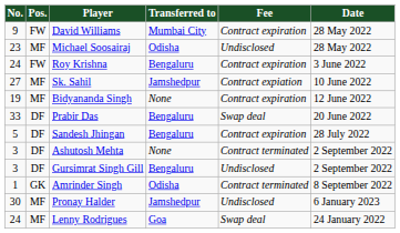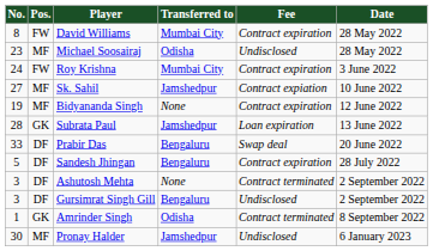 <table class="wikitable plainrowheaders sortable">
 <tr>
 <th style="background:#1A5026; color:#FFFFFF; ">No.</th>
 <th style="background:#1A5026; color:#FFFFFF; ">Pos.</th>
 <th style="background:#1A5026; color:#FFFFFF; ">Player</th>
 <th style="background:#1A5026; color:#FFFFFF; ">Transferred to</th>
 <th style="background:#1A5026; color:#FFFFFF; ">Fee</th>
 <th style="background:#1A5026; color:#FFFFFF; ">Date</th>
 </tr>
 <tr>
-<td align=center>9</td>
+<td align=center>8</td>
 <td align=center>FW</td>
 <td> <a href='#'>David Williams</a></td>
 <td><a href='#'>Mumbai City</a></td>
 <td><em>Contract expiration</em></td>
 <td>28 May 2022</td>
 </tr>
 <tr>
 <td align=center>23</td>
 <td align=center>MF</td>
 <td> <a href='#'>Michael Soosairaj</a></td>
 <td><a href='#'>Odisha</a></td>
 <td><em>Undisclosed</em></td>
 <td>28 May 2022</td>
 </tr>
 <tr>
 <td align=center>24</td>
 <td align=center>FW</td>
 <td> <a href='#'>Roy Krishna</a></td>
-<td><a href='#'>Bengaluru</a></td>
+<td><a href='#'>Mumbai City</a></td>
 <td><em>Contract expiration</em></td>
 <td>3 June 2022</td>
 </tr>
 <tr>
 <td align=center>27</td>
 <td align=center>MF</td>
 <td> <a href='#'>Sk. Sahil</a></td>
 <td><a href='#'>Jamshedpur</a></td>
 <td><em>Contract expiation</em></td>
 <td>10 June 2022</td>
 </tr>
 <tr>
 <td align=center>19</td>
 <td align=center>MF</td>
 <td> <a href='#'>Bidyananda Singh</a></td>
 <td><em>None</em></td>
 <td><em>Contract expiration</em></td>
 <td>12 June 2022</td>
+</tr>
+<tr>
+<td align=center>28</td>
+<td align=center>GK</td>
+<td> <a href='#'>Subrata Paul</a></td>
+<td><a href='#'>Jamshedpur</a></td>
+<td><em>Loan expiration</em></td>
+<td>13 June 2022</td>
 </tr>
 <tr>
 <td align=center>33</td>
 <td align=center>DF</td>
 <td> <a href='#'>Prabir Das</a></td>
 <td><a href='#'>Bengaluru</a></td>
 <td><em>Swap deal</em></td>
 <td>20 June 2022</td>
 </tr>
 <tr>
 <td align=center>5</td>
 <td align=center>DF</td>
 <td> <a href='#'>Sandesh Jhingan</a></td>
 <td><a href='#'>Bengaluru</a></td>
 <td><em>Contract expiration</em></td>
 <td>28 July 2022</td>
 </tr>
 <tr>
 <td align=center>3</td>
 <td align=center>DF</td>
 <td> <a href='#'>Ashutosh Mehta</a></td>
 <td><em>None</em></td>
 <td><em>Contract terminated</em><br></td>
 <td>2 September 2022</td>
 </tr>
 <tr>
 <td align=center>3</td>
 <td align=center>DF</td>
 <td> <a href='#'>Gursimrat Singh Gill</a></td>
 <td><a href='#'>Bengaluru</a></td>
 <td><em>Undisclosed</em></td>
 <td>2 September 2022</td>
 </tr>
 <tr>
 <td align=center>1</td>
 <td align=center>GK</td>
 <td> <a href='#'>Amrinder Singh</a></td>
 <td><a href='#'>Odisha</a></td>
 <td><em>Contract terminated</em></td>
 <td>8 September 2022</td>
 </tr>
 <tr>
 <td align=center>30</td>
 <td align=center>MF</td>
 <td> <a href='#'>Pronay Halder</a></td>
 <td><a href='#'>Jamshedpur</a></td>
 <td><em>Undisclosed</em></td>
 <td>6 January 2023</td>
 </tr>
-<tr>
-<td align=center>24</td>
-<td align=center>MF</td>
-<td> <a href='#'>Lenny Rodrigues</a></td>
-<td><a href='#'>Goa</a></td>
-<td><em>Swap deal</em></td>
-<td>24 January 2022</td>
-</tr>
 </table>
